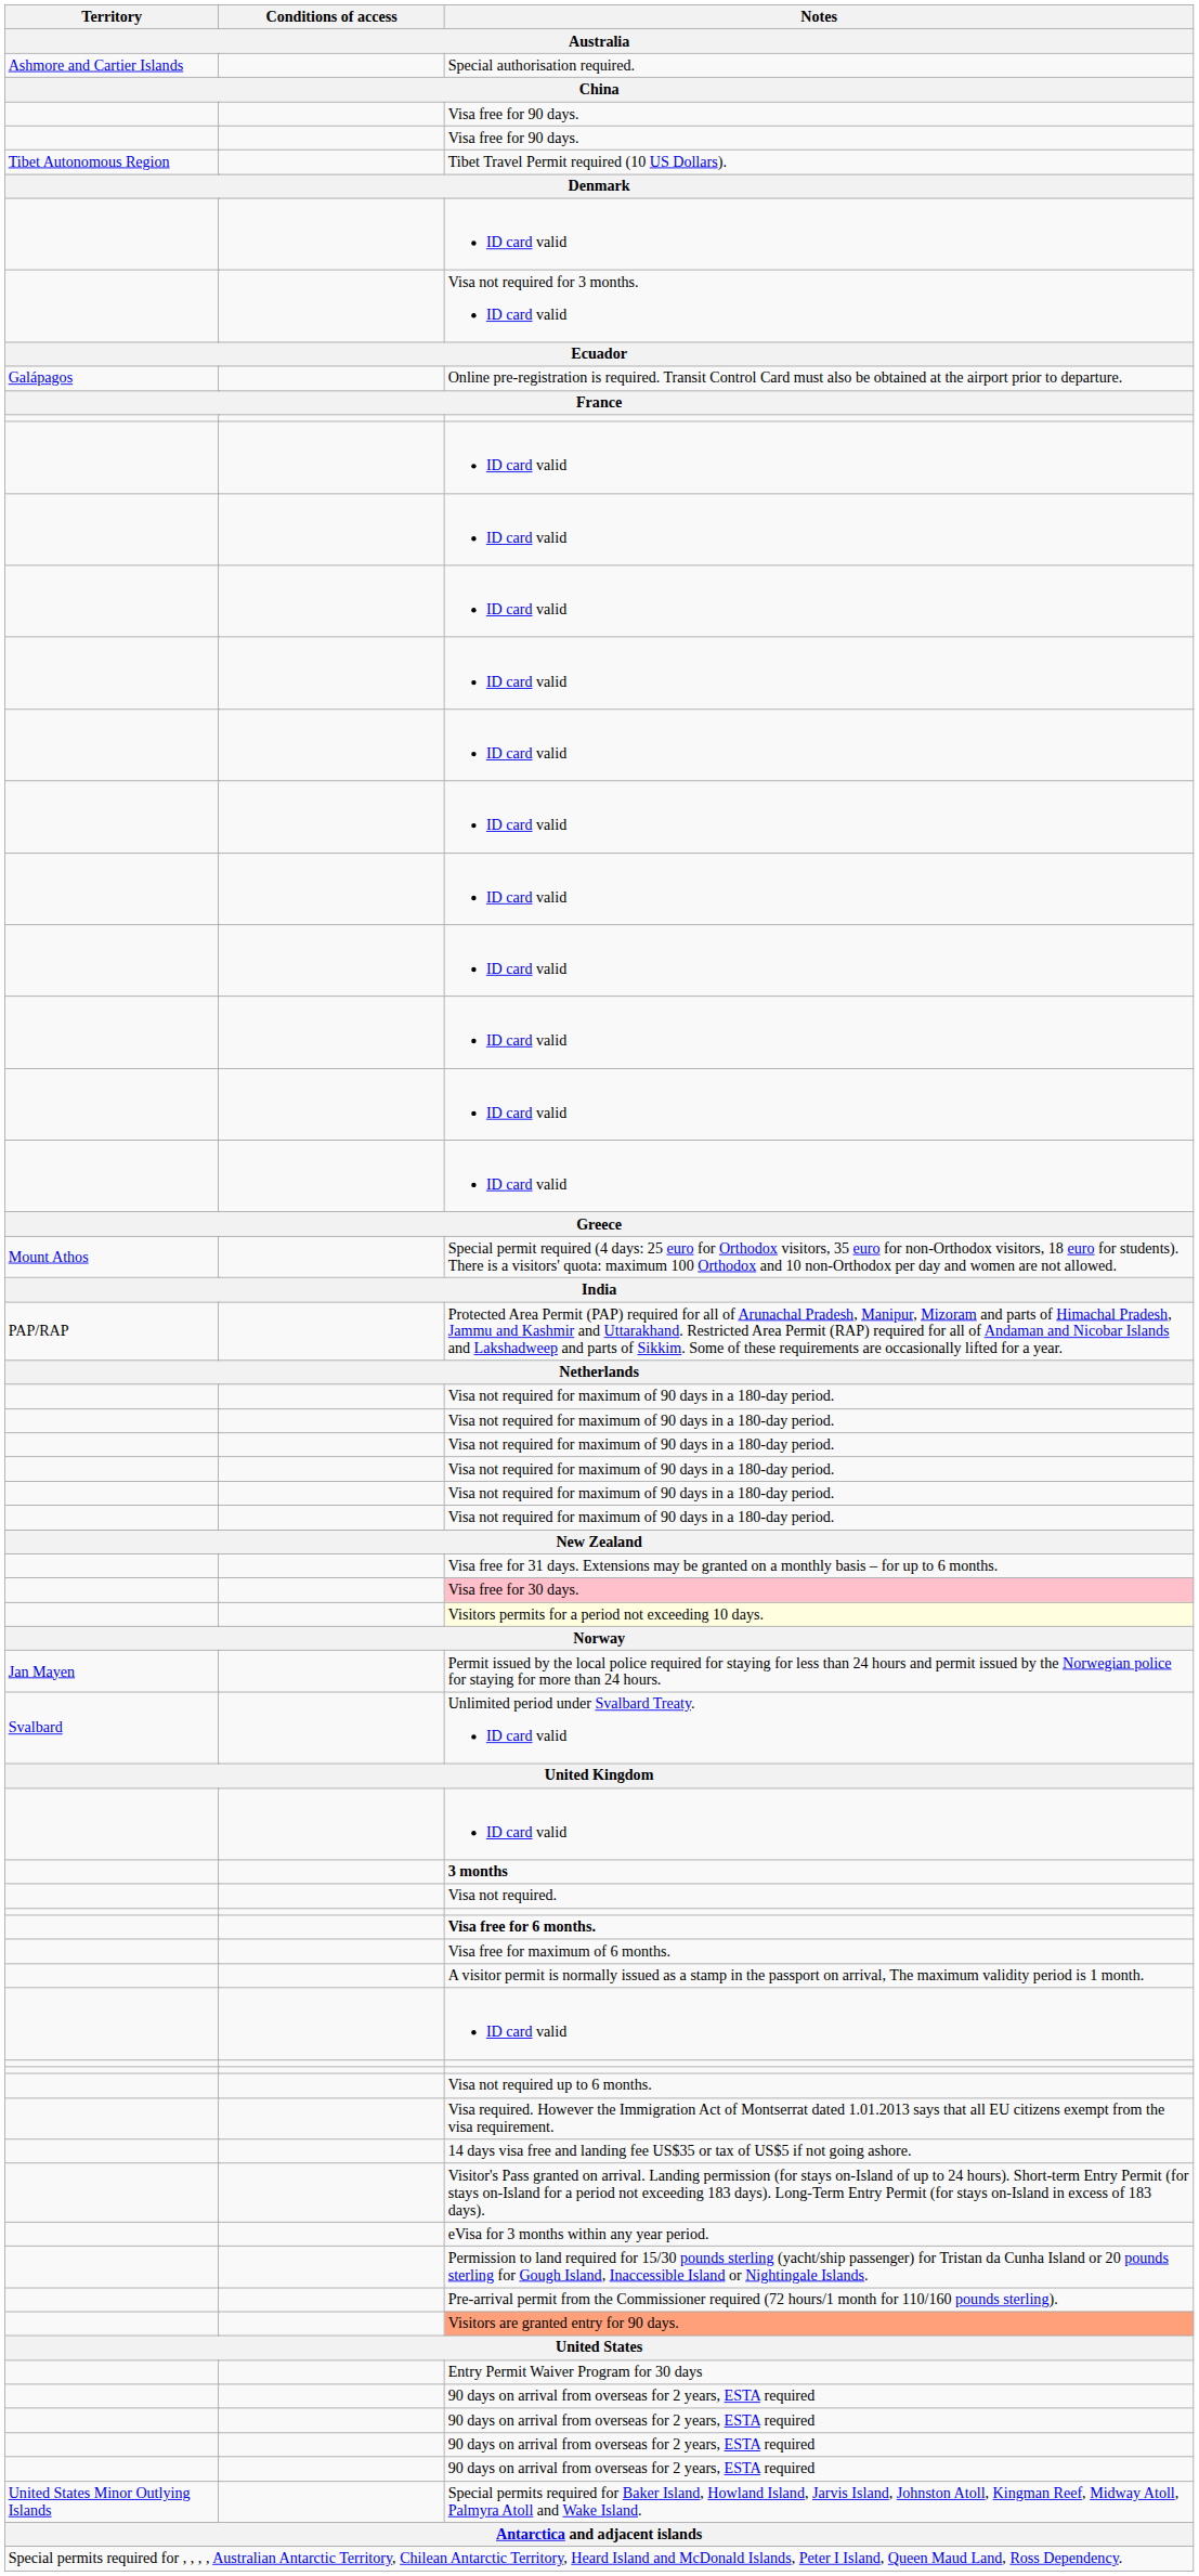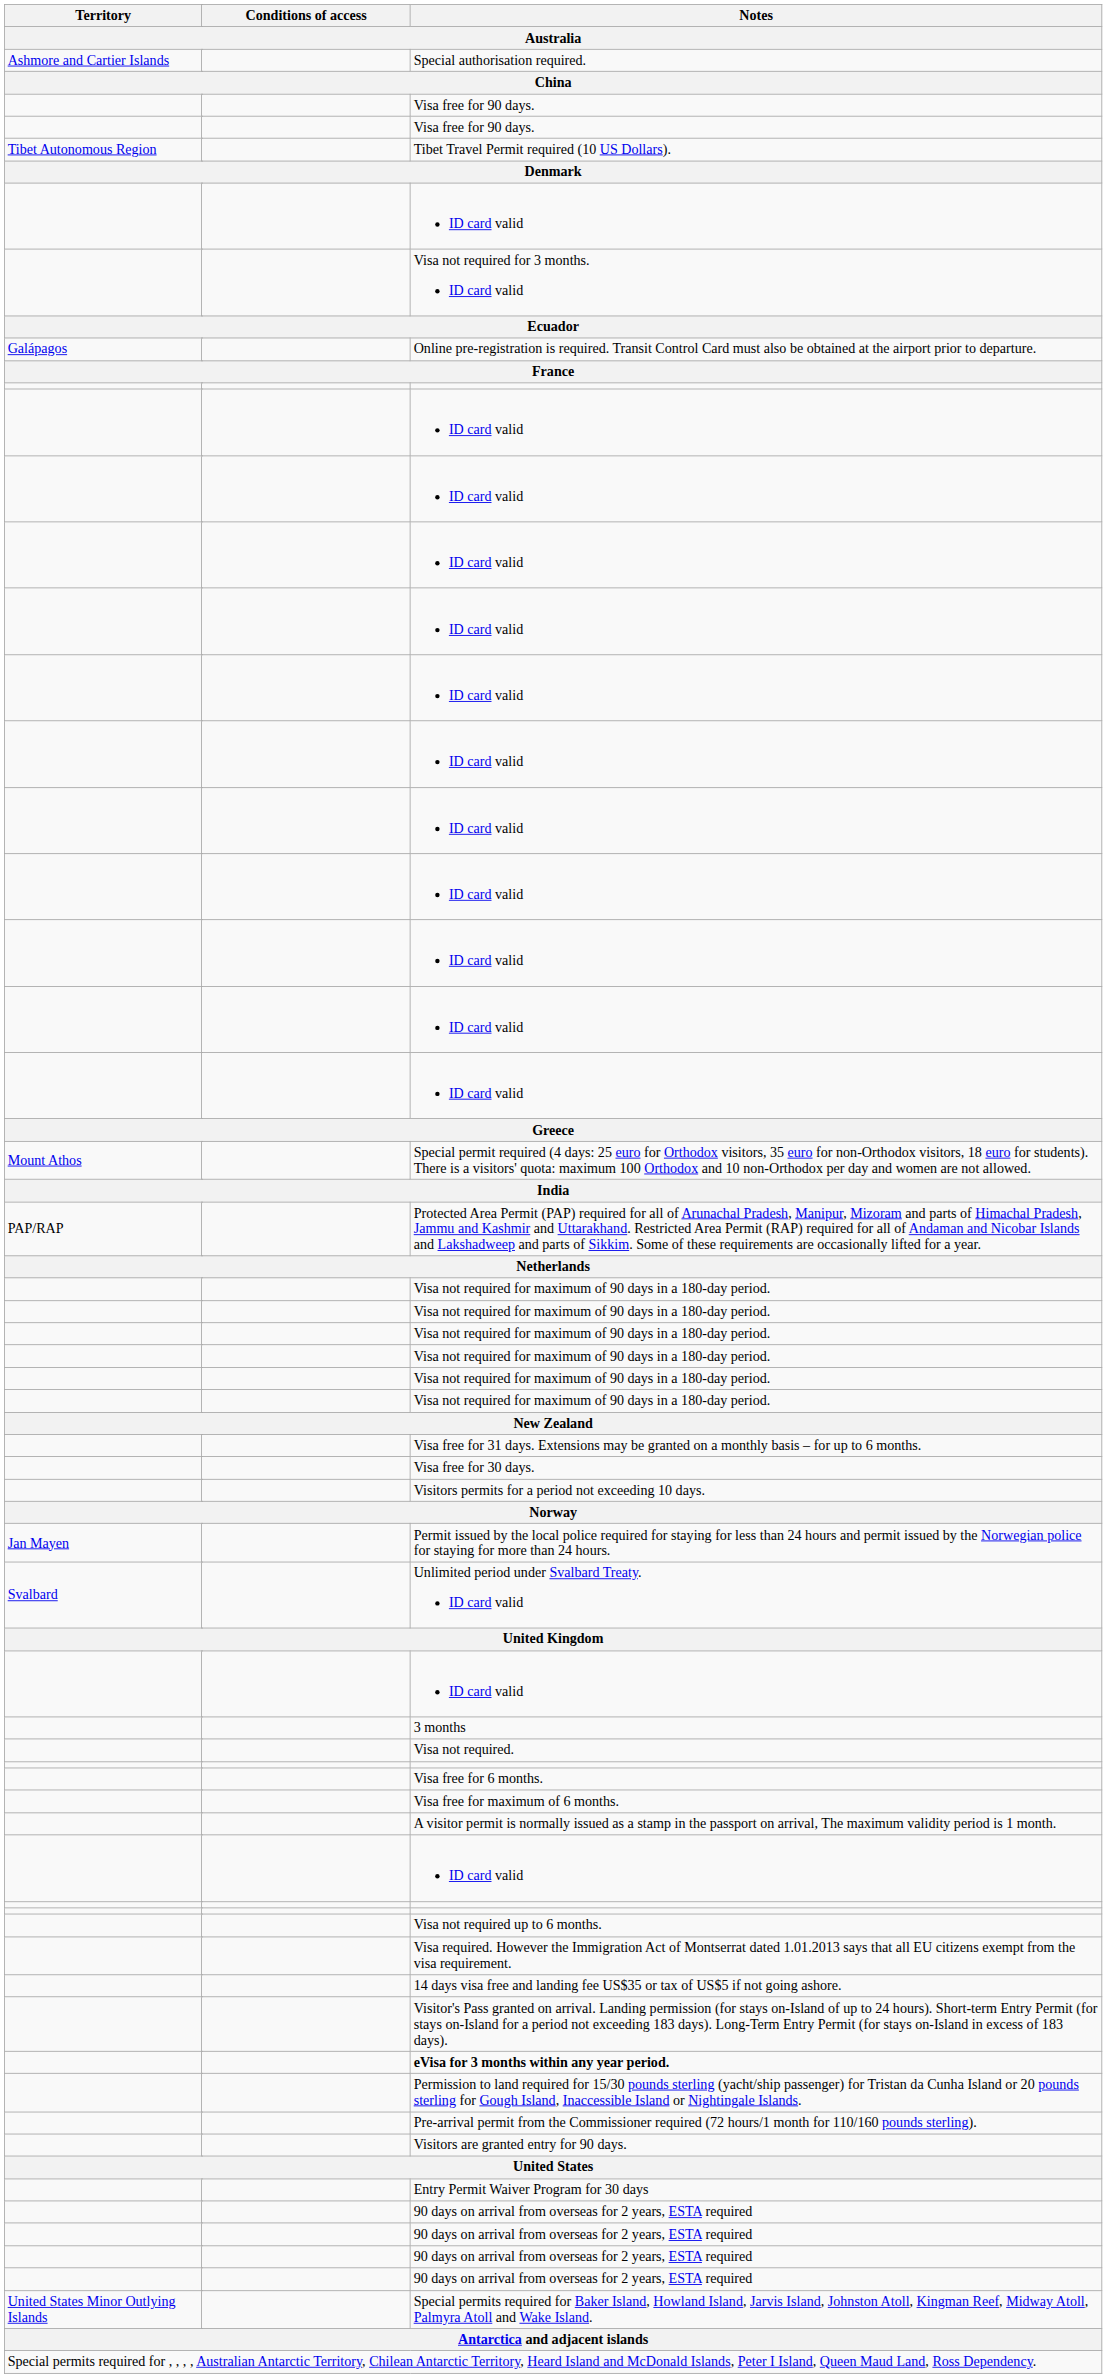 <table class="wikitable mw-collapsible" style="text-align: left; table-layout: fixed;">
 <tr>
 <th colspan="2" style="width:18%;">Territory</th>
 <th style="width:19%;">Conditions of access</th>
 <th>Notes</th>
 </tr>
 <tr>
 <th colspan="4">Australia</th>
 </tr>
 <tr>
 <td colspan=2> <a href='#'>Ashmore and Cartier Islands</a></td>
 <td></td>
 <td>Special authorisation required.</td>
 </tr>
 <tr>
 <th colspan="4">China</th>
 </tr>
 <tr>
 <td colspan=2></td>
 <td></td>
 <td>Visa free for 90 days.</td>
 </tr>
 <tr>
 <td colspan=2></td>
 <td></td>
 <td>Visa free for 90 days.</td>
 </tr>
 <tr>
 <td colspan=2> <a href='#'>Tibet Autonomous Region</a></td>
 <td></td>
 <td>Tibet Travel Permit required (10 <a href='#'>US Dollars</a>).</td>
 </tr>
 <tr>
 <th colspan="4">Denmark</th>
 </tr>
 <tr>
 <td colspan=2></td>
 <td></td>
 <td><br><ul><li><a href='#'>ID card</a> valid</li></ul></td>
 </tr>
 <tr>
 <td colspan=2></td>
 <td></td>
 <td>Visa not required for 3 months.<br><ul><li><a href='#'>ID card</a> valid</li></ul></td>
 </tr>
 <tr>
 <th colspan="4">Ecuador</th>
 </tr>
 <tr>
 <td colspan=2> <a href='#'>Galápagos</a></td>
 <td></td>
 <td>Online pre-registration is required. Transit Control Card must also be obtained at the airport prior to departure.</td>
 </tr>
 <tr>
 <th colspan="4">France</th>
 </tr>
 <tr>
 <td colspan=2></td>
 <td></td>
 <td></td>
 </tr>
 <tr>
 <td colspan=2></td>
 <td></td>
 <td><br><ul><li><a href='#'>ID card</a> valid</li></ul></td>
 </tr>
 <tr>
 <td colspan=2></td>
 <td></td>
 <td><br><ul><li><a href='#'>ID card</a> valid</li></ul></td>
 </tr>
 <tr>
 <td colspan=2></td>
 <td></td>
 <td><br><ul><li><a href='#'>ID card</a> valid</li></ul></td>
 </tr>
 <tr>
 <td colspan=2></td>
 <td></td>
 <td><br><ul><li><a href='#'>ID card</a> valid</li></ul></td>
 </tr>
 <tr>
 <td colspan=2></td>
 <td></td>
 <td><br><ul><li><a href='#'>ID card</a> valid</li></ul></td>
 </tr>
 <tr>
 <td colspan=2></td>
 <td></td>
 <td><br><ul><li><a href='#'>ID card</a> valid</li></ul></td>
 </tr>
 <tr>
 <td colspan=2></td>
 <td></td>
 <td><br><ul><li><a href='#'>ID card</a> valid</li></ul></td>
 </tr>
 <tr>
 <td colspan=2></td>
 <td></td>
 <td><br><ul><li><a href='#'>ID card</a> valid</li></ul></td>
 </tr>
 <tr>
 <td colspan=2></td>
 <td></td>
 <td><br><ul><li><a href='#'>ID card</a> valid</li></ul></td>
 </tr>
 <tr>
 <td colspan=2></td>
 <td></td>
 <td><br><ul><li><a href='#'>ID card</a> valid</li></ul></td>
 </tr>
 <tr>
 <td colspan=2></td>
 <td></td>
 <td><br><ul><li><a href='#'>ID card</a> valid</li></ul></td>
 </tr>
 <tr>
 <th colspan="4">Greece</th>
 </tr>
 <tr>
 <td colspan=2> <a href='#'>Mount Athos</a></td>
 <td></td>
 <td>Special permit required (4 days: 25 <a href='#'>euro</a> for <a href='#'>Orthodox</a> visitors, 35 <a href='#'>euro</a> for non-Orthodox visitors, 18 <a href='#'>euro</a> for students). There is a visitors' quota: maximum 100 <a href='#'>Orthodox</a> and 10 non-Orthodox per day and women are not allowed.</td>
 </tr>
 <tr>
 <th colspan="4">India</th>
 </tr>
 <tr>
 <td colspan=2> PAP/RAP</td>
 <td></td>
 <td>Protected Area Permit (PAP) required for all of <a href='#'>Arunachal Pradesh</a>, <a href='#'>Manipur</a>, <a href='#'>Mizoram</a> and parts of <a href='#'>Himachal Pradesh</a>, <a href='#'>Jammu and Kashmir</a> and <a href='#'>Uttarakhand</a>. Restricted Area Permit (RAP) required for all of <a href='#'>Andaman and Nicobar Islands</a> and <a href='#'>Lakshadweep</a> and parts of <a href='#'>Sikkim</a>. Some of these requirements are occasionally lifted for a year.</td>
 </tr>
 <tr>
 <th colspan="4">Netherlands</th>
 </tr>
 <tr>
 <td colspan=2></td>
 <td></td>
 <td>Visa not required for maximum of 90 days in a 180-day period.</td>
 </tr>
 <tr>
 <td colspan=2></td>
 <td></td>
 <td>Visa not required for maximum of 90 days in a 180-day period.</td>
 </tr>
 <tr>
 <td colspan=2></td>
 <td></td>
 <td>Visa not required for maximum of 90 days in a 180-day period.</td>
 </tr>
 <tr>
 <td colspan=2></td>
 <td></td>
 <td>Visa not required for maximum of 90 days in a 180-day period.</td>
 </tr>
 <tr>
 <td colspan=2></td>
 <td></td>
 <td>Visa not required for maximum of 90 days in a 180-day period.</td>
 </tr>
 <tr>
 <td colspan=2></td>
 <td></td>
 <td>Visa not required for maximum of 90 days in a 180-day period.</td>
 </tr>
 <tr>
 <th colspan="4">New Zealand</th>
 </tr>
 <tr>
 <td colspan=2></td>
 <td></td>
 <td>Visa free for 31 days. Extensions may be granted on a monthly basis – for up to 6 months.</td>
 </tr>
 <tr>
 <td colspan=2></td>
 <td></td>
-<td style="background: pink;">Visa free for 30 days.</td>
+<td>Visa free for 30 days.</td>
 </tr>
 <tr>
 <td colspan=2></td>
 <td></td>
-<td style="background: lightyellow;">Visitors permits for a period not exceeding 10 days.</td>
+<td>Visitors permits for a period not exceeding 10 days.</td>
 </tr>
 <tr>
 <th colspan="4">Norway</th>
 </tr>
 <tr>
 <td colspan=2> <a href='#'>Jan Mayen</a></td>
 <td></td>
 <td>Permit issued by the local police required for staying for less than 24 hours and permit issued by the <a href='#'>Norwegian police</a> for staying for more than 24 hours.</td>
 </tr>
 <tr>
 <td colspan=2> <a href='#'>Svalbard</a></td>
 <td></td>
 <td>Unlimited period under <a href='#'>Svalbard Treaty</a>.<br><ul><li><a href='#'>ID card</a> valid</li></ul></td>
 </tr>
 <tr>
 <th colspan="4">United Kingdom</th>
 </tr>
 <tr>
 <td colspan=2></td>
 <td></td>
 <td><br><ul><li><a href='#'>ID card</a> valid</li></ul></td>
 </tr>
 <tr>
 <td colspan=2></td>
 <td></td>
-<td><strong>3 months</strong></td>
+<td>3 months</td>
 </tr>
 <tr>
 <td colspan=2></td>
 <td></td>
 <td>Visa not required.</td>
 </tr>
 <tr>
 <td colspan=2></td>
 <td></td>
 <td></td>
 </tr>
 <tr>
 <td colspan=2></td>
 <td></td>
-<td><strong>Visa free for 6 months.</strong></td>
+<td>Visa free for 6 months.</td>
 </tr>
 <tr>
 <td colspan=2></td>
 <td></td>
 <td>Visa free for maximum of 6 months.</td>
 </tr>
 <tr>
 <td colspan=2></td>
 <td></td>
 <td>A visitor permit is normally issued as a stamp in the passport on arrival, The maximum validity period is 1 month.</td>
 </tr>
 <tr>
 <td colspan=2></td>
 <td></td>
 <td><br><ul><li><a href='#'>ID card</a> valid</li></ul></td>
 </tr>
 <tr>
 <td colspan=2></td>
 <td></td>
 <td></td>
 </tr>
 <tr>
 <td colspan=2></td>
 <td></td>
 <td></td>
 </tr>
 <tr>
 <td colspan=2></td>
 <td></td>
 <td>Visa not required up to 6 months.</td>
 </tr>
 <tr>
 <td colspan=2></td>
 <td></td>
 <td>Visa required. However the Immigration Act of Montserrat dated 1.01.2013 says that all EU citizens exempt from the visa requirement.</td>
 </tr>
 <tr>
 <td colspan=2></td>
 <td></td>
 <td>14 days visa free and landing fee US$35 or tax of US$5 if not going ashore.</td>
 </tr>
 <tr>
 <td colspan=2></td>
 <td></td>
 <td>Visitor's Pass granted on arrival. Landing permission (for stays on-Island of up to 24 hours). Short-term Entry Permit (for stays on-Island for a period not exceeding 183 days). Long-Term Entry Permit (for stays on-Island in excess of 183 days).</td>
 </tr>
 <tr>
 <td colspan=2></td>
 <td></td>
-<td>eVisa for 3 months within any year period.</td>
+<td><strong>eVisa for 3 months within any year period.</strong></td>
 </tr>
 <tr>
 <td colspan=2></td>
 <td></td>
 <td>Permission to land required for 15/30 <a href='#'>pounds sterling</a> (yacht/ship passenger) for Tristan da Cunha Island or 20 <a href='#'>pounds sterling</a> for <a href='#'>Gough Island</a>, <a href='#'>Inaccessible Island</a> or <a href='#'>Nightingale Islands</a>.</td>
 </tr>
 <tr>
 <td colspan=2></td>
 <td></td>
 <td>Pre-arrival permit from the Commissioner required (72 hours/1 month for 110/160 <a href='#'>pounds sterling</a>).</td>
 </tr>
 <tr>
 <td colspan=2></td>
 <td></td>
-<td style="background: lightsalmon;">Visitors are granted entry for 90 days.</td>
+<td>Visitors are granted entry for 90 days.</td>
 </tr>
 <tr>
 <th colspan="4">United States</th>
 </tr>
 <tr>
 <td colspan=2></td>
 <td></td>
 <td>Entry Permit Waiver Program for 30 days</td>
 </tr>
 <tr>
 <td colspan=2></td>
 <td></td>
 <td>90 days on arrival from overseas for 2 years, <a href='#'>ESTA</a> required</td>
 </tr>
 <tr>
 <td colspan=2></td>
 <td></td>
 <td>90 days on arrival from overseas for 2 years, <a href='#'>ESTA</a> required</td>
 </tr>
 <tr>
 <td colspan=2></td>
 <td></td>
 <td>90 days on arrival from overseas for 2 years, <a href='#'>ESTA</a> required</td>
 </tr>
 <tr>
 <td colspan=2></td>
 <td></td>
 <td>90 days on arrival from overseas for 2 years, <a href='#'>ESTA</a> required</td>
 </tr>
 <tr>
 <td colspan=2> <a href='#'>United States Minor Outlying Islands</a></td>
 <td></td>
 <td>Special permits required for <a href='#'>Baker Island</a>, <a href='#'>Howland Island</a>, <a href='#'>Jarvis Island</a>, <a href='#'>Johnston Atoll</a>, <a href='#'>Kingman Reef</a>, <a href='#'>Midway Atoll</a>, <a href='#'>Palmyra Atoll</a> and <a href='#'>Wake Island</a>.</td>
 </tr>
 <tr>
 <th colspan="4"><a href='#'>Antarctica</a> and adjacent islands</th>
 </tr>
 <tr>
 <td colspan="4">Special permits required for , , , ,  <a href='#'>Australian Antarctic Territory</a>,  <a href='#'>Chilean Antarctic Territory</a>,  <a href='#'>Heard Island and McDonald Islands</a>,  <a href='#'>Peter I Island</a>,  <a href='#'>Queen Maud Land</a>,  <a href='#'>Ross Dependency</a>.</td>
 </tr>
 </table>
